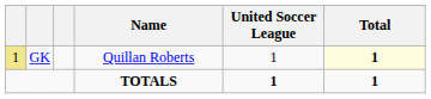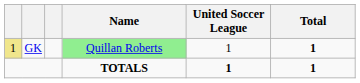 <table class="wikitable" style="font-size: 95%; text-align: center;">
 <tr>
 <th width=15></th>
 <th width=15></th>
 <th width=15></th>
 <th width=150>Name</th>
 <th width=100>United Soccer League</th>
 <th width=100>Total</th>
 </tr>
 <tr>
 <td style="background: khaki;">1</td>
 <td><a href='#'>GK</a></td>
 <td></td>
-<td><a href='#'>Quillan Roberts</a></td>
+<td style="background: lightgreen;"><a href='#'>Quillan Roberts</a></td>
 <td>1</td>
-<td style="background: lightyellow;"><strong>1</strong></td>
+<td><strong>1</strong></td>
 </tr>
 <tr>
 <td colspan="3"></td>
 <td><strong>TOTALS</strong></td>
 <td><strong>1</strong></td>
 <td><strong>1</strong></td>
 </tr>
 </table>
